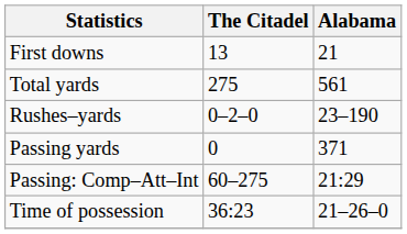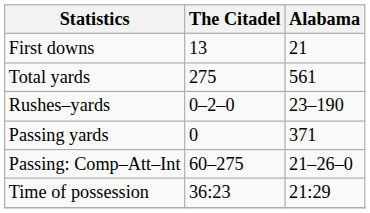 <table class="wikitable" style="float: left;">
 <tr>
 <th>Statistics</th>
 <th>The Citadel</th>
 <th>Alabama</th>
 </tr>
 <tr>
 <td>First downs</td>
 <td>13</td>
 <td>21</td>
 </tr>
 <tr>
 <td>Total yards</td>
 <td>275</td>
 <td>561</td>
 </tr>
 <tr>
 <td>Rushes–yards</td>
 <td>0–2–0</td>
 <td>23–190</td>
 </tr>
 <tr>
 <td>Passing yards</td>
 <td>0</td>
 <td>371</td>
 </tr>
 <tr>
 <td>Passing: Comp–Att–Int</td>
 <td>60–275</td>
-<td>21:29</td>
+<td>21–26–0</td>
 </tr>
 <tr>
 <td>Time of possession</td>
 <td>36:23</td>
-<td>21–26–0</td>
+<td>21:29</td>
 </tr>
 <tr>
 </tr>
 </table>
